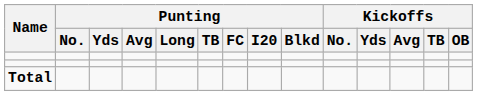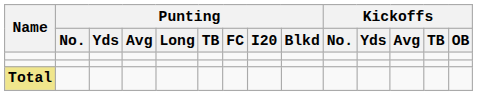 <table class="wikitable" style="white-space:nowrap;">
 <tr>
 <th rowspan="2">Name</th>
 <th colspan="8">Punting</th>
 <th colspan="5">Kickoffs</th>
 </tr>
 <tr>
 <th>No.</th>
 <th>Yds</th>
 <th>Avg</th>
 <th>Long</th>
 <th>TB</th>
 <th>FC</th>
 <th>I20</th>
 <th>Blkd</th>
 <th>No.</th>
 <th>Yds</th>
 <th>Avg</th>
 <th>TB</th>
 <th>OB</th>
 </tr>
 <tr>
 <td></td>
 <td></td>
 <td></td>
 <td></td>
 <td></td>
 <td></td>
 <td></td>
 <td></td>
 <td></td>
 <td></td>
 <td></td>
 <td></td>
 <td></td>
 <td></td>
 </tr>
 <tr>
 <td></td>
 <td></td>
 <td></td>
 <td></td>
 <td></td>
 <td></td>
 <td></td>
 <td></td>
 <td></td>
 <td></td>
 <td></td>
 <td></td>
 <td></td>
 <td></td>
 </tr>
 <tr>
-<td><strong>Total</strong></td>
+<td style="background: khaki;"><strong>Total</strong></td>
 <td></td>
 <td></td>
 <td></td>
 <td></td>
 <td></td>
 <td></td>
 <td></td>
 <td></td>
 <td></td>
 <td></td>
 <td></td>
 <td></td>
 <td></td>
 </tr>
 </table>
